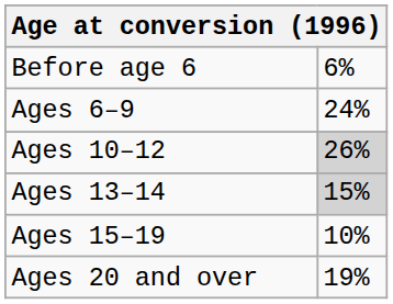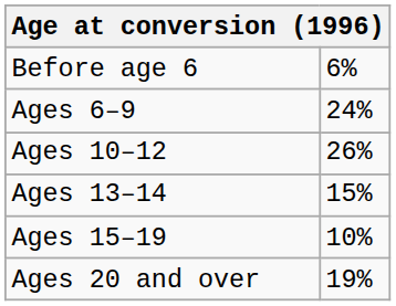 <table class="wikitable floatright">
 <tr>
 <th colspan="3" align="center">Age at conversion (1996)</th>
 </tr>
 <tr>
 <td>Before age 6</td>
 <td>6%</td>
 </tr>
 <tr>
 <td>Ages 6–9</td>
 <td>24%</td>
 </tr>
 <tr>
 <td>Ages 10–12</td>
-<td style="background: lightgrey;">26%</td>
+<td>26%</td>
 </tr>
 <tr>
 <td>Ages 13–14</td>
-<td style="background: lightgrey;">15%</td>
+<td>15%</td>
 </tr>
 <tr>
 <td>Ages 15–19</td>
 <td>10%</td>
 </tr>
 <tr>
 <td>Ages 20 and over</td>
 <td>19%</td>
 </tr>
 </table>
